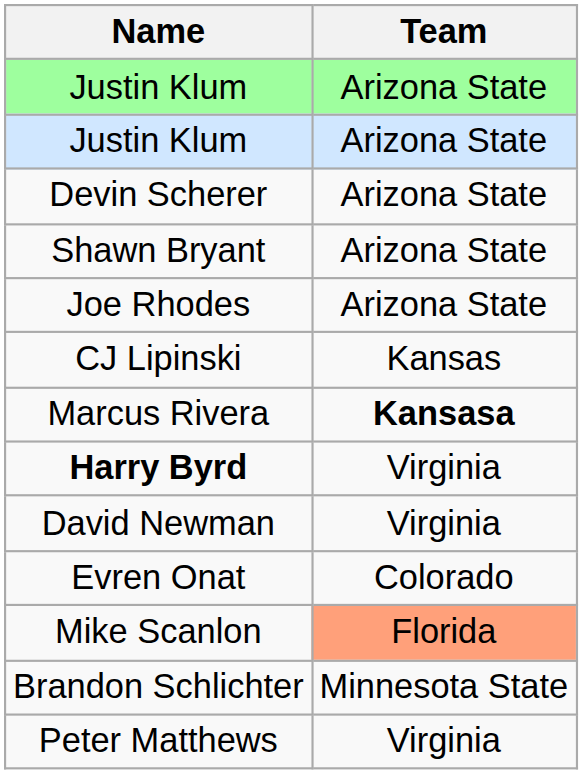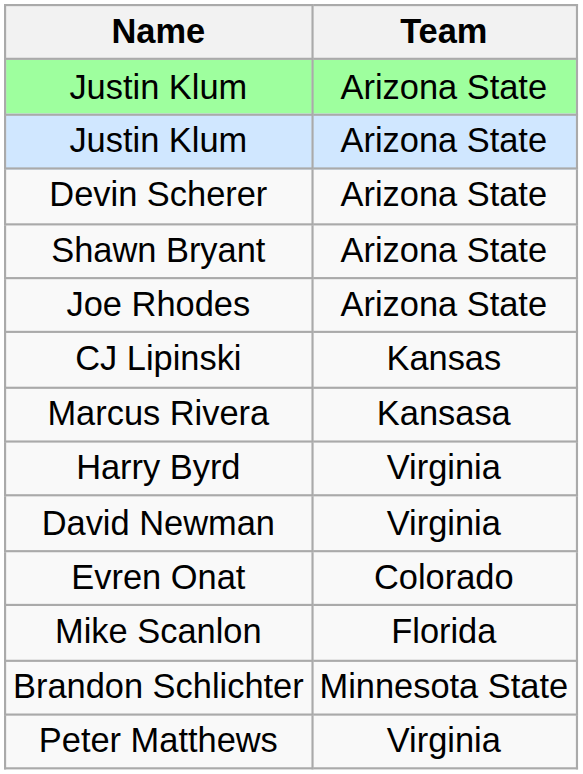 <table class="wikitable" style="text-align:center">
 <tr>
 <th>Name</th>
 <th>Team</th>
 </tr>
 <tr bgcolor="#9eff9e">
 <td>Justin Klum</td>
 <td>Arizona State</td>
 </tr>
 <tr style="background:#d0e7ff">
 <td>Justin Klum</td>
 <td>Arizona State</td>
 </tr>
 <tr>
 <td>Devin Scherer</td>
 <td>Arizona State</td>
 </tr>
 <tr>
 <td>Shawn Bryant</td>
 <td>Arizona State</td>
 </tr>
 <tr>
 <td>Joe Rhodes</td>
 <td>Arizona State</td>
 </tr>
 <tr>
 <td>CJ Lipinski</td>
 <td>Kansas</td>
 </tr>
 <tr>
 <td>Marcus Rivera</td>
-<td><strong>Kansasa</strong></td>
+<td>Kansasa</td>
 </tr>
 <tr>
-<td><strong>Harry Byrd</strong></td>
+<td>Harry Byrd</td>
 <td>Virginia</td>
 </tr>
 <tr>
 <td>David Newman</td>
 <td>Virginia</td>
 </tr>
 <tr>
 <td>Evren Onat</td>
 <td>Colorado</td>
 </tr>
 <tr>
 <td>Mike Scanlon</td>
-<td style="background: lightsalmon;">Florida</td>
+<td>Florida</td>
 </tr>
 <tr>
 <td>Brandon Schlichter</td>
 <td>Minnesota State</td>
 </tr>
 <tr>
 <td>Peter Matthews</td>
 <td>Virginia</td>
 </tr>
 </table>
